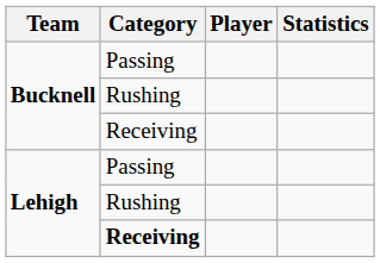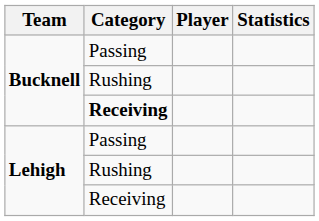 <table class="wikitable" style="float: right;">
 <tr>
 <th>Team</th>
 <th>Category</th>
 <th>Player</th>
 <th>Statistics</th>
 </tr>
 <tr>
 <td rowspan=3><strong>Bucknell</strong></td>
 <td>Passing</td>
 <td></td>
 <td></td>
 </tr>
 <tr>
 <td>Rushing</td>
 <td></td>
 <td></td>
 </tr>
 <tr>
-<td>Receiving</td>
+<td><strong>Receiving</strong></td>
 <td></td>
 <td></td>
 </tr>
 <tr>
 <td rowspan=3><strong>Lehigh</strong></td>
 <td>Passing</td>
 <td></td>
 <td></td>
 </tr>
 <tr>
 <td>Rushing</td>
 <td></td>
 <td></td>
 </tr>
 <tr>
-<td><strong>Receiving</strong></td>
+<td>Receiving</td>
 <td></td>
 <td></td>
 </tr>
 </table>
